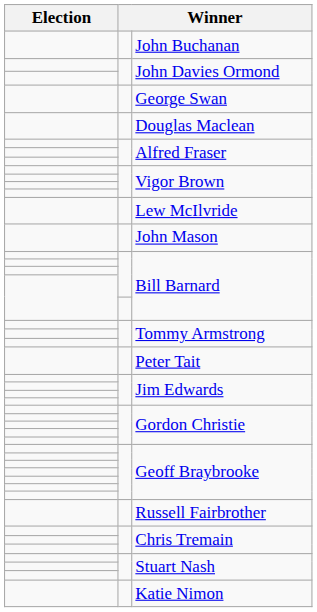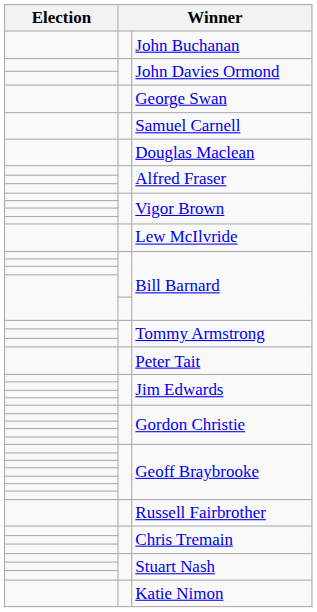 <table class=wikitable>
 <tr>
 <th width=100>Election</th>
 <th colspan="2" style="width:175px;">Winner</th>
 </tr>
 <tr>
 <td></td>
 <td width=5 bgcolor=></td>
 <td><a href='#'>John Buchanan</a></td>
 </tr>
 <tr>
 <td></td>
 <td rowspan=2 bgcolor=></td>
 <td rowspan=2><a href='#'>John Davies Ormond</a></td>
 </tr>
 <tr>
 <td></td>
 </tr>
 <tr>
 <td></td>
 <td bgcolor=></td>
 <td><a href='#'>George Swan</a></td>
+</tr>
+<tr>
+<td></td>
+<td bgcolor=></td>
+<td><a href='#'>Samuel Carnell</a></td>
 </tr>
 <tr>
 <td></td>
 <td bgcolor=></td>
 <td><a href='#'>Douglas Maclean</a></td>
 </tr>
 <tr>
 <td></td>
 <td rowspan=3 bgcolor=></td>
 <td rowspan=3><a href='#'>Alfred Fraser</a></td>
 </tr>
 <tr>
 <td></td>
 </tr>
 <tr>
 <td></td>
 </tr>
 <tr>
 <td></td>
 <td rowspan=4 bgcolor=></td>
 <td rowspan=4><a href='#'>Vigor Brown</a></td>
 </tr>
 <tr>
 <td></td>
 </tr>
 <tr>
 <td></td>
 </tr>
 <tr>
 <td></td>
 </tr>
 <tr>
 <td></td>
 <td bgcolor=></td>
 <td><a href='#'>Lew McIlvride</a></td>
-</tr>
-<tr>
-<td></td>
-<td bgcolor=></td>
-<td><a href='#'>John Mason</a></td>
 </tr>
 <tr>
 <td></td>
 <td rowspan=3 style="border-bottom:solid 0 grey; background:"></td>
 <td rowspan=5><a href='#'>Bill Barnard</a></td>
 </tr>
 <tr>
 <td></td>
 </tr>
 <tr>
 <td></td>
 </tr>
 <tr>
 <td rowspan="2" style="height:36px;"></td>
 <td style="border-top:solid 0 grey; background:"></td>
 </tr>
 <tr>
 <td bgcolor=></td>
 </tr>
 <tr>
 <td></td>
 <td rowspan=3 bgcolor=></td>
 <td rowspan=3><a href='#'>Tommy Armstrong</a></td>
 </tr>
 <tr>
 <td></td>
 </tr>
 <tr>
 <td></td>
 </tr>
 <tr>
 <td></td>
 <td bgcolor=></td>
 <td><a href='#'>Peter Tait</a></td>
 </tr>
 <tr>
 <td></td>
 <td rowspan=4 bgcolor=></td>
 <td rowspan=4><a href='#'>Jim Edwards</a></td>
 </tr>
 <tr>
 <td></td>
 </tr>
 <tr>
 <td></td>
 </tr>
 <tr>
 <td></td>
 </tr>
 <tr>
 <td></td>
 <td rowspan=5 bgcolor=></td>
 <td rowspan=5><a href='#'>Gordon Christie</a></td>
 </tr>
 <tr>
 <td></td>
 </tr>
 <tr>
 <td></td>
 </tr>
 <tr>
 <td></td>
 </tr>
 <tr>
 <td></td>
 </tr>
 <tr>
 <td></td>
 <td rowspan=7 bgcolor=></td>
 <td rowspan=7><a href='#'>Geoff Braybrooke</a></td>
 </tr>
 <tr>
 <td></td>
 </tr>
 <tr>
 <td></td>
 </tr>
 <tr>
 <td></td>
 </tr>
 <tr>
 <td></td>
 </tr>
 <tr>
 <td></td>
 </tr>
 <tr>
 <td></td>
 </tr>
 <tr>
 <td></td>
 <td bgcolor=></td>
 <td><a href='#'>Russell Fairbrother</a></td>
 </tr>
 <tr>
 <td></td>
 <td rowspan=3 bgcolor=></td>
 <td rowspan=3><a href='#'>Chris Tremain</a></td>
 </tr>
 <tr>
 <td></td>
 </tr>
 <tr>
 <td></td>
 </tr>
 <tr>
 <td></td>
 <td rowspan=3 bgcolor=></td>
 <td rowspan=3><a href='#'>Stuart Nash</a></td>
 </tr>
 <tr>
 <td></td>
 </tr>
 <tr>
 <td></td>
 </tr>
 <tr>
 <td></td>
 <td bgcolor=></td>
 <td><a href='#'>Katie Nimon</a></td>
 </tr>
 </table>
